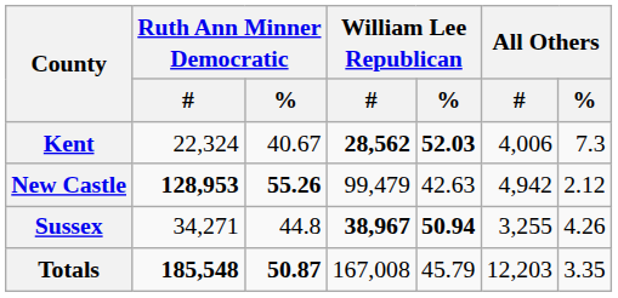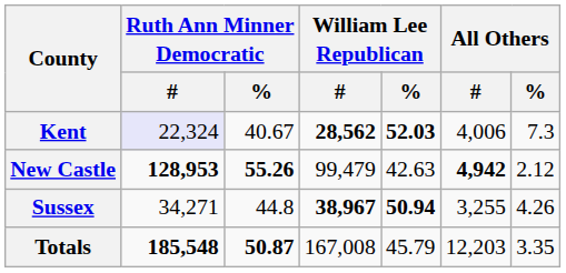 <table class="wikitable sortable" style="text-align:right;font-size:90%;line-height:1.3">
 <tr>
 <th rowspan="2">County</th>
 <th colspan="2"><a href='#'>Ruth Ann Minner</a><br><a href='#'>Democratic</a></th>
 <th colspan="2">William Lee<br><a href='#'>Republican</a></th>
 <th colspan="2">All Others</th>
 </tr>
 <tr>
 <th data-sort-type="number">#</th>
 <th data-sort-type="number">%</th>
 <th data-sort-type="number">#</th>
 <th data-sort-type="number">%</th>
 <th data-sort-type="number">#</th>
 <th data-sort-type="number">%</th>
 </tr>
 <tr>
 <th><a href='#'>Kent</a></th>
-<td>22,324</td>
+<td style="background: lavender;">22,324</td>
 <td>40.67</td>
 <td><strong>28,562</strong></td>
 <td><strong>52.03</strong></td>
 <td>4,006</td>
 <td>7.3</td>
 </tr>
 <tr>
 <th><a href='#'>New Castle</a></th>
 <td><strong>128,953</strong></td>
 <td><strong>55.26</strong></td>
 <td>99,479</td>
 <td>42.63</td>
-<td>4,942</td>
+<td><strong>4,942</strong></td>
 <td>2.12</td>
 </tr>
 <tr>
 <th><a href='#'>Sussex</a></th>
 <td>34,271</td>
 <td>44.8</td>
 <td><strong>38,967</strong></td>
 <td><strong>50.94</strong></td>
 <td>3,255</td>
 <td>4.26</td>
 </tr>
 <tr class="sortbottom">
 <th>Totals</th>
 <td><strong>185,548</strong></td>
 <td><strong>50.87</strong></td>
 <td>167,008</td>
 <td>45.79</td>
 <td>12,203</td>
 <td>3.35</td>
 </tr>
 </table>
